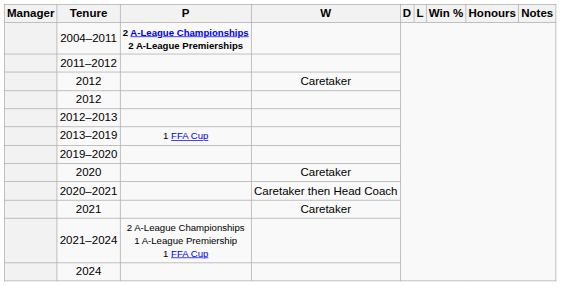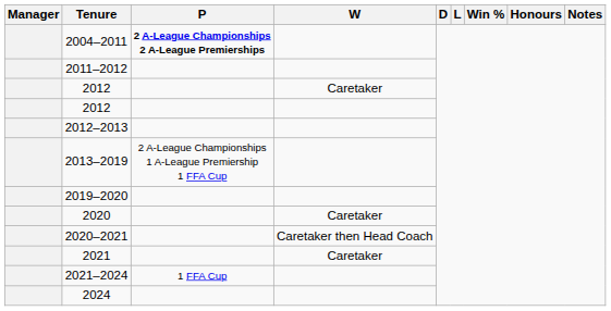 <table class="wikitable sortable plainrowheaders" style="text-align:center;">
 <tr>
 <th scope=col>Manager</th>
 <th scope=col>Tenure</th>
 <th scope=col>P</th>
 <th scope=col>W</th>
 <th scope=col>D</th>
 <th scope=col>L</th>
 <th scope=col>Win %</th>
 <th scope=col>Honours</th>
 <th scope=col>Notes</th>
 </tr>
 <tr>
 <th scope=row style="text-align: left;">  </th>
 <td>2004–2011<br></td>
 <td><strong><small>2 <a href='#'>A-League Championships</a><br>2 A-League Premierships</small></strong></td>
 <td></td>
 </tr>
 <tr>
 <th scope=row style="text-align: left;"> </th>
 <td>2011–2012<br></td>
 <td></td>
 <td></td>
 </tr>
 <tr>
 <th scope=row style="text-align: left;"> <em></em></th>
 <td>2012<br></td>
 <td></td>
 <td>Caretaker</td>
 </tr>
 <tr>
 <th scope=row style="text-align: left;"> </th>
 <td>2012<br></td>
 <td></td>
 <td></td>
 </tr>
 <tr>
 <th scope=row style="text-align: left;"> </th>
 <td>2012–2013<br></td>
 <td></td>
 <td></td>
 </tr>
 <tr>
 <th scope=row style="text-align: left;"> </th>
 <td>2013–2019<br></td>
-<td><small>1 <a href='#'>FFA Cup</a></small></td>
+<td><small>2 A-League Championships<br>1 A-League Premiership<br>1 <a href='#'>FFA Cup</a></small></td>
 <td></td>
 </tr>
 <tr>
 <th scope=row style="text-align: left;"> </th>
 <td>2019–2020<br></td>
 <td></td>
 <td></td>
 </tr>
 <tr>
 <th scope=row style="text-align: left;"> <em></em></th>
 <td>2020<br></td>
 <td></td>
 <td>Caretaker</td>
 </tr>
 <tr>
 <th scope=row style="text-align: left;"> </th>
 <td>2020–2021<br></td>
 <td></td>
 <td>Caretaker then Head Coach</td>
 </tr>
 <tr>
 <th scope=row style="text-align: left;"><em> </em></th>
 <td>2021<br></td>
 <td></td>
 <td>Caretaker</td>
 </tr>
 <tr>
 <th scope=row style="text-align: left;"> </th>
 <td>2021–2024<br></td>
-<td><small>2 A-League Championships<br>1 A-League Premiership<br>1 <a href='#'>FFA Cup</a></small></td>
+<td><small>1 <a href='#'>FFA Cup</a></small></td>
 <td></td>
 </tr>
 <tr>
 <th scope=row style="text-align: left;"> </th>
 <td>2024<br></td>
 <td><small></small></td>
 <td></td>
 </tr>
 </table>
